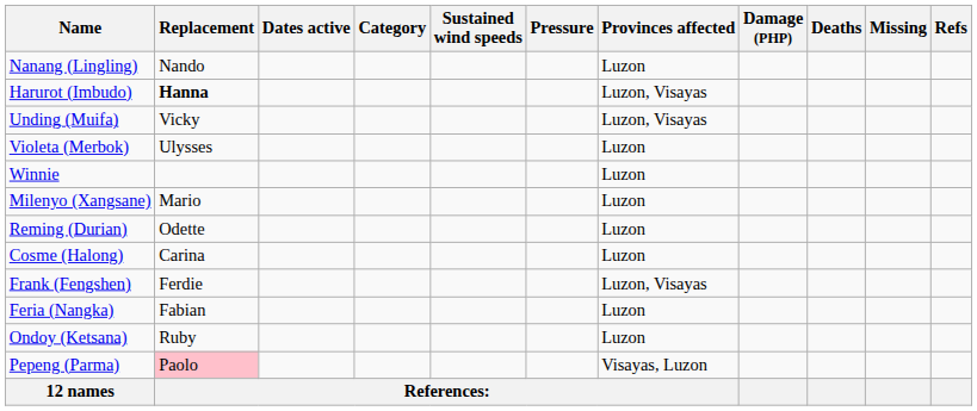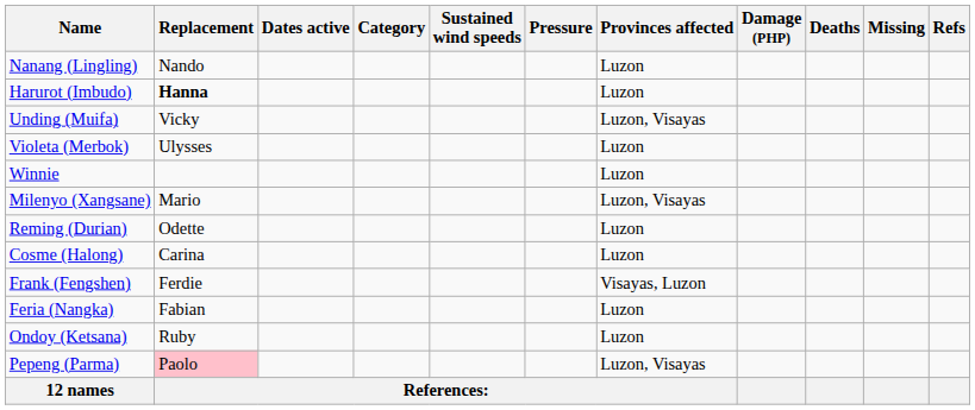 <table class="wikitable sortable">
 <tr>
 <th>Name</th>
 <th>Replacement</th>
 <th>Dates active</th>
 <th>Category</th>
 <th>Sustained <br>wind speeds</th>
 <th>Pressure</th>
 <th class="unsortable">Provinces affected</th>
 <th>Damage<br><small>(PHP)</small></th>
 <th>Deaths</th>
 <th>Missing</th>
 <th class="unsortable">Refs</th>
 </tr>
 <tr>
 <td><a href='#'>Nanang (Lingling)</a></td>
 <td>Nando</td>
 <td></td>
 <td></td>
 <td></td>
 <td></td>
 <td>Luzon</td>
 <td></td>
 <td></td>
 <td></td>
 <td></td>
 </tr>
 <tr>
 <td><a href='#'>Harurot (Imbudo)</a></td>
 <td><strong>Hanna</strong></td>
 <td></td>
 <td></td>
 <td></td>
 <td></td>
-<td>Luzon, Visayas</td>
+<td>Luzon</td>
 <td></td>
 <td></td>
 <td></td>
 <td></td>
 </tr>
 <tr>
 <td><a href='#'>Unding (Muifa)</a></td>
 <td>Vicky</td>
 <td></td>
 <td></td>
 <td></td>
 <td></td>
 <td>Luzon, Visayas</td>
 <td></td>
 <td></td>
 <td></td>
 <td></td>
 </tr>
 <tr>
 <td><a href='#'>Violeta (Merbok)</a></td>
 <td>Ulysses</td>
 <td></td>
 <td></td>
 <td></td>
 <td></td>
 <td>Luzon</td>
 <td></td>
 <td></td>
 <td></td>
 <td></td>
 </tr>
 <tr>
 <td><a href='#'>Winnie</a></td>
 <td></td>
 <td></td>
 <td></td>
 <td></td>
 <td></td>
 <td>Luzon</td>
 <td></td>
 <td></td>
 <td></td>
 <td></td>
 </tr>
 <tr>
 <td><a href='#'>Milenyo (Xangsane)</a></td>
 <td>Mario</td>
 <td></td>
 <td></td>
 <td></td>
 <td></td>
-<td>Luzon</td>
+<td>Luzon, Visayas</td>
 <td></td>
 <td></td>
 <td></td>
 <td></td>
 </tr>
 <tr>
 <td><a href='#'>Reming (Durian)</a></td>
 <td>Odette</td>
 <td></td>
 <td></td>
 <td></td>
 <td></td>
 <td>Luzon</td>
 <td></td>
 <td></td>
 <td></td>
 <td></td>
 </tr>
 <tr>
 <td><a href='#'>Cosme (Halong)</a></td>
 <td>Carina</td>
 <td></td>
 <td></td>
 <td></td>
 <td></td>
 <td>Luzon</td>
 <td></td>
 <td></td>
 <td></td>
 <td></td>
 </tr>
 <tr>
 <td><a href='#'>Frank (Fengshen)</a></td>
 <td>Ferdie</td>
 <td></td>
 <td></td>
 <td></td>
 <td></td>
-<td>Luzon, Visayas</td>
+<td>Visayas, Luzon</td>
 <td></td>
 <td></td>
 <td></td>
 <td></td>
 </tr>
 <tr>
 <td><a href='#'>Feria (Nangka)</a></td>
 <td>Fabian</td>
 <td></td>
 <td></td>
 <td></td>
 <td></td>
 <td>Luzon</td>
 <td></td>
 <td></td>
 <td></td>
 <td></td>
 </tr>
 <tr>
 <td><a href='#'>Ondoy (Ketsana)</a></td>
 <td>Ruby</td>
 <td></td>
 <td></td>
 <td></td>
 <td></td>
 <td>Luzon</td>
 <td></td>
 <td></td>
 <td></td>
 <td></td>
 </tr>
 <tr>
 <td><a href='#'>Pepeng (Parma)</a></td>
 <td style="background: pink;">Paolo</td>
 <td></td>
 <td></td>
 <td></td>
 <td></td>
-<td>Visayas, Luzon</td>
+<td>Luzon, Visayas</td>
 <td></td>
 <td></td>
 <td></td>
 <td></td>
 </tr>
 <tr class="sortbottom">
 <th>12 names</th>
 <th colspan="6">References: </th>
 <th></th>
 <th></th>
 <th></th>
 <th></th>
 </tr>
 </table>
